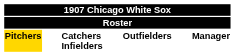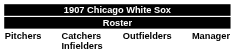 <table class="toccolours" style="font-size: 95%;">
 <tr>
 <th colspan="10" style="background-color: black; color: white; text-align: center;">1907 Chicago White Sox</th>
 </tr>
 <tr>
 <td colspan="10" style="background-color: black; color: white; text-align: center;"><strong>Roster</strong></td>
 </tr>
 <tr>
-<td valign="top" style="background: gold;"><strong>Pitchers</strong><br>      </td>
+<td valign="top"><strong>Pitchers</strong><br>      </td>
 <td width="25px"></td>
 <td valign="top"><strong>Catchers</strong><br>    <strong>Infielders</strong>       </td>
 <td width="25px"></td>
 <td valign="top"><strong>Outfielders</strong><br>    </td>
 <td width="25px"></td>
 <td valign="top"><strong>Manager</strong><br></td>
 </tr>
 </table>
